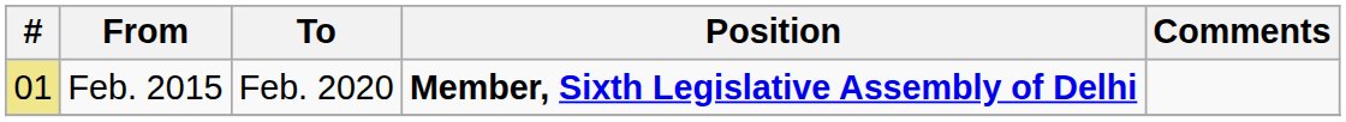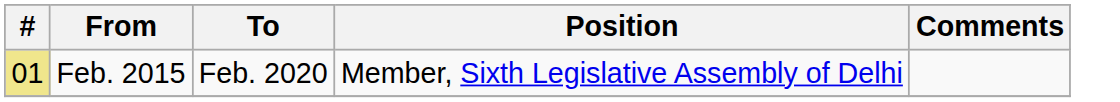 <table class="wikitable  sortable">
 <tr>
 <th>#</th>
 <th>From</th>
 <th>To</th>
 <th>Position</th>
 <th>Comments</th>
 </tr>
 <tr>
 <td style="background: khaki;">01</td>
 <td>Feb. 2015</td>
 <td>Feb. 2020</td>
-<td><strong>Member, <a href='#'>Sixth Legislative Assembly of Delhi</a></strong></td>
+<td>Member, <a href='#'>Sixth Legislative Assembly of Delhi</a></td>
 <td></td>
 </tr>
 <tr>
 </tr>
 </table>
